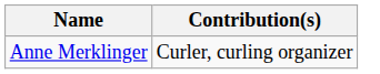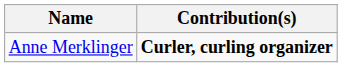 <table class="wikitable">
 <tr>
 <th><strong>Name</strong></th>
 <th><strong>Contribution(s)</strong></th>
 </tr>
 <tr>
 <td><a href='#'>Anne Merklinger</a></td>
-<td>Curler, curling organizer</td>
+<td><strong>Curler, curling organizer</strong></td>
 </tr>
 </table>
